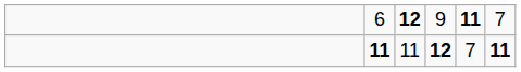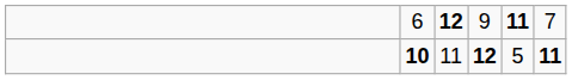 <table class="wikitable">
 <tr>
 <td style="width:18em"></td>
 <td align=center style="width:1em">6</td>
 <td align=center style="width:1em"><strong>12</strong></td>
 <td align=center style="width:1em">9</td>
 <td align=center style="width:1em"><strong>11</strong></td>
 <td align=center style="width:1em">7</td>
 </tr>
 <tr>
 <td style="width:18em"><strong></strong></td>
-<td align=center style="width:1em"><strong>11</strong></td>
+<td align=center style="width:1em"><strong>10</strong></td>
 <td align=center style="width:1em">11</td>
 <td align=center style="width:1em"><strong>12</strong></td>
-<td align=center style="width:1em">7</td>
+<td align=center style="width:1em">5</td>
 <td align=center style="width:1em"><strong>11</strong></td>
 </tr>
 </table>
